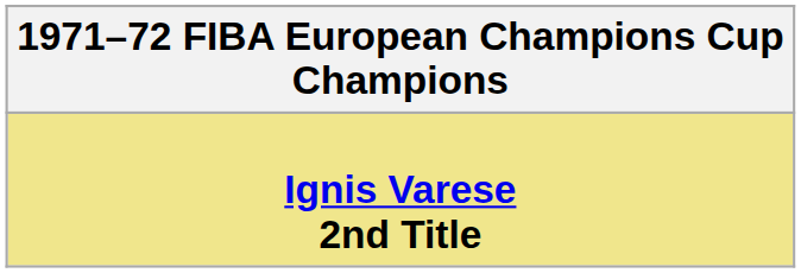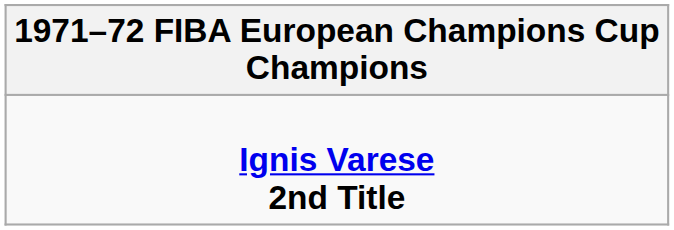 <table class=wikitable style="text-align:center; margin:auto">
 <tr>
 <th>1971–72 FIBA European Champions Cup<br>Champions</th>
 </tr>
 <tr>
-<td style="background: khaki;"> <br> <strong><a href='#'>Ignis Varese</a></strong> <br> <strong>2nd Title</strong></td>
+<td> <br> <strong><a href='#'>Ignis Varese</a></strong> <br> <strong>2nd Title</strong></td>
 </tr>
 </table>
